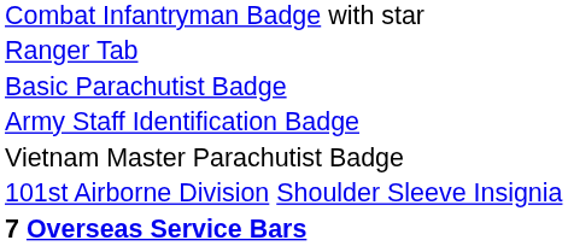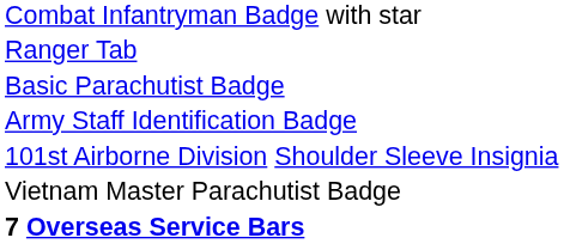 <table>
 <tr>
 <td> <a href='#'>Combat Infantryman Badge</a> with star</td>
 </tr>
 <tr>
 <td> <a href='#'>Ranger Tab</a></td>
 </tr>
 <tr>
 <td> <a href='#'>Basic Parachutist Badge</a></td>
 </tr>
 <tr>
 <td> <a href='#'>Army Staff Identification Badge</a></td>
 </tr>
 <tr>
-<td> Vietnam Master Parachutist Badge</td>
+<td> <a href='#'>101st Airborne Division</a> <a href='#'>Shoulder Sleeve Insignia</a></td>
 </tr>
 <tr>
-<td> <a href='#'>101st Airborne Division</a> <a href='#'>Shoulder Sleeve Insignia</a></td>
+<td> Vietnam Master Parachutist Badge</td>
 </tr>
 <tr>
 <td><strong> 7 <a href='#'>Overseas Service Bars</a></strong></td>
 </tr>
 </table>
